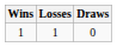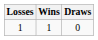 <table class="wikitable">
 <tr>
+<th>Losses</th>
 <th>Wins</th>
-<th>Losses</th>
 <th>Draws</th>
 </tr>
 <tr>
 <td align="center">1</td>
 <td align="center">1</td>
 <td align="center">0</td>
 </tr>
 </table>
